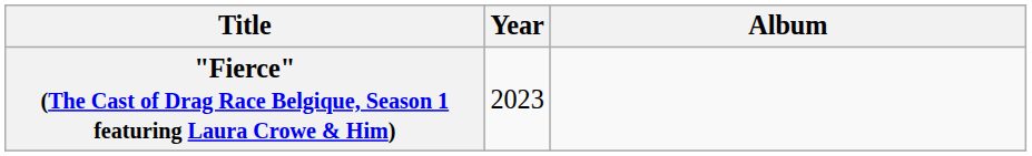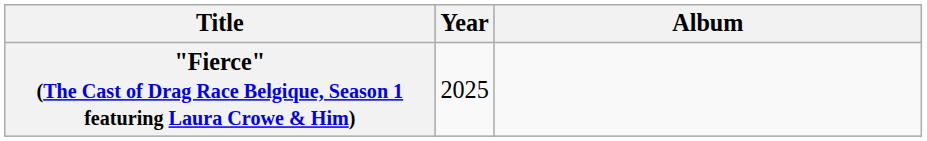 <table class="wikitable plainrowheaders" style="text-align:center;">
 <tr>
 <th style="width:20em;">Title</th>
 <th style="width:1em;">Year</th>
 <th style="width:20em;">Album</th>
 </tr>
 <tr>
 <th scope="row">"Fierce"<br><small>(<a href='#'>The Cast of Drag Race Belgique, Season 1</a> featuring <a href='#'>Laura Crowe & Him</a>)</small></th>
-<td>2023</td>
+<td>2025</td>
 <td></td>
 </tr>
 </table>
